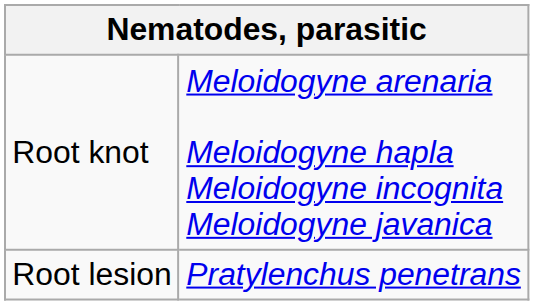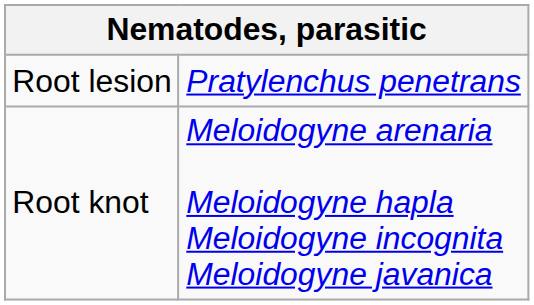 <table class="wikitable" style="clear">
 <tr>
 <th colspan=2><strong>Nematodes, parasitic</strong></th>
 </tr>
 <tr>
+<td>Root lesion</td>
+<td><em><a href='#'>Pratylenchus penetrans</a></em></td>
+</tr>
+<tr>
 <td>Root knot</td>
 <td><em><a href='#'>Meloidogyne arenaria</a></em><br><br><em><a href='#'>Meloidogyne hapla</a></em><br> <em><a href='#'>Meloidogyne incognita</a></em><br> <em><a href='#'>Meloidogyne javanica</a></em></td>
 </tr>
-<tr>
-<td>Root lesion</td>
-<td><em><a href='#'>Pratylenchus penetrans</a></em></td>
-</tr>
 </table>
